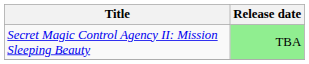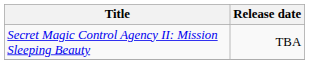 <table class="wikitable sortable" style="text-align: right;">
 <tr>
 <th width="275">Title</th>
 <th>Release date</th>
 </tr>
 <tr>
 <td align="left"><em><a href='#'>Secret Magic Control Agency II: Mission Sleeping Beauty</a></em></td>
-<td style="background: lightgreen;">TBA</td>
+<td>TBA</td>
 </tr>
 <tr>
 </tr>
 </table>
